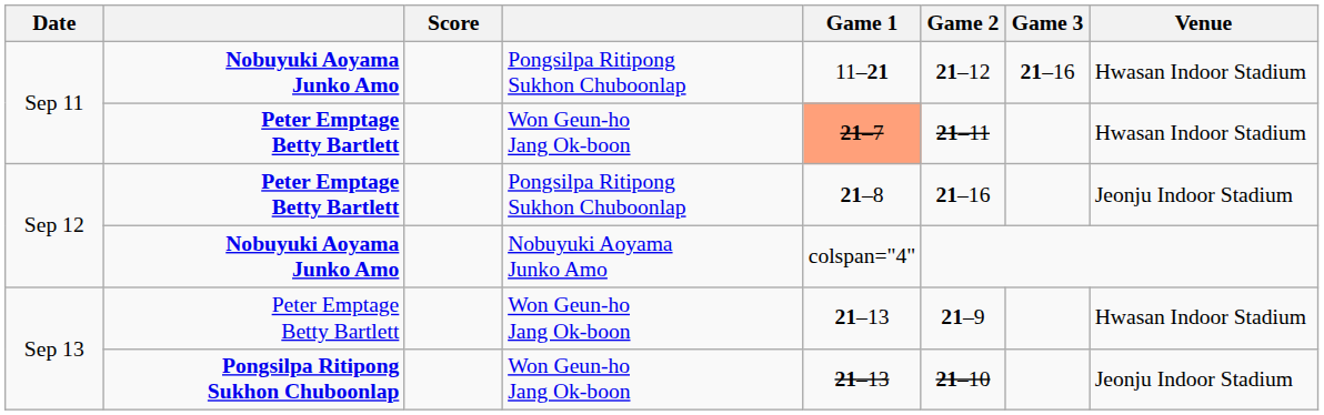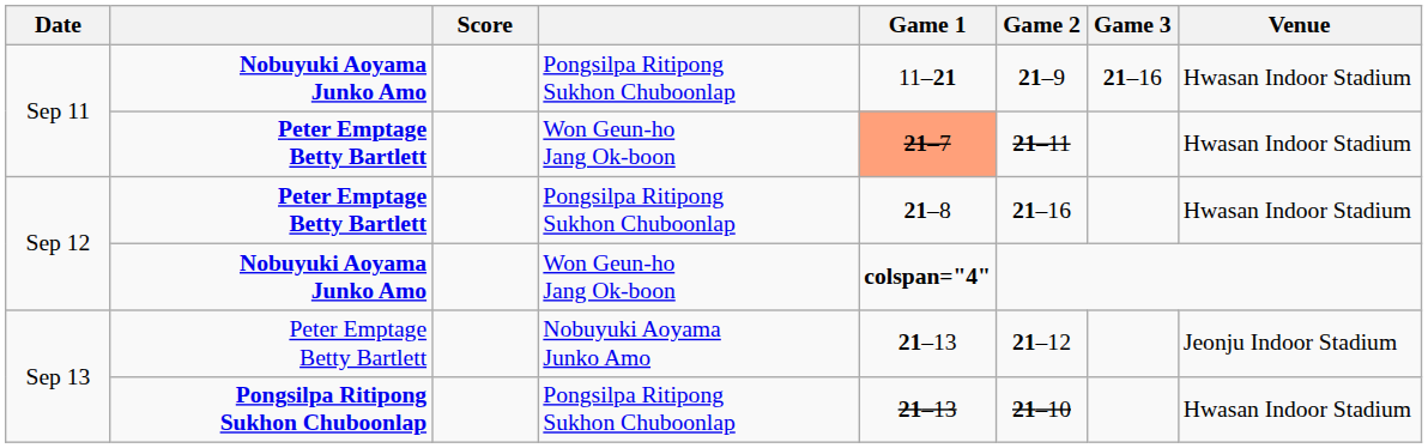 <table class="wikitable" style="text-align: center; font-size:90% ">
 <tr>
 <th width="60">Date</th>
 <th align="right" width="200"></th>
 <th width="60">Score</th>
 <th align="left" width="200"></th>
 <th width="50">Game 1</th>
 <th width="50">Game 2</th>
 <th width="50">Game 3</th>
 <th width="150">Venue</th>
 </tr>
 <tr>
 <td rowspan="2">Sep 11</td>
 <td align="right"><strong><a href='#'>Nobuyuki Aoyama</a> <br><a href='#'>Junko Amo</a> </strong></td>
 <td align="center"></td>
 <td align="left"> <a href='#'>Pongsilpa Ritipong</a><br> <a href='#'>Sukhon Chuboonlap</a></td>
 <td>11–<strong>21</strong></td>
-<td><strong>21</strong>–12</td>
+<td><strong>21</strong>–9</td>
 <td><strong>21</strong>–16</td>
 <td align="left">Hwasan Indoor Stadium</td>
 </tr>
 <tr>
 <td align="right"><strong><a href='#'>Peter Emptage</a> <br><a href='#'>Betty Bartlett</a> </strong></td>
 <td align="center"><s></s></td>
 <td align="left"> <a href='#'>Won Geun-ho</a><br> <a href='#'>Jang Ok-boon</a></td>
 <td style="background: lightsalmon;"><s><strong>21</strong>–7</s></td>
 <td><s><strong>21</strong>–11</s></td>
 <td></td>
 <td align="left">Hwasan Indoor Stadium</td>
 </tr>
 <tr>
 <td rowspan="2">Sep 12</td>
 <td align="right"><strong><a href='#'>Peter Emptage</a> <br><a href='#'>Betty Bartlett</a> </strong></td>
 <td align="center"></td>
 <td align="left"> <a href='#'>Pongsilpa Ritipong</a><br> <a href='#'>Sukhon Chuboonlap</a></td>
 <td><strong>21</strong>–8</td>
 <td><strong>21</strong>–16</td>
 <td></td>
-<td align="left">Jeonju Indoor Stadium</td>
+<td align="left">Hwasan Indoor Stadium</td>
 </tr>
 <tr>
 <td align="right"><strong><a href='#'>Nobuyuki Aoyama</a> <br><a href='#'>Junko Amo</a> </strong></td>
 <td align="center"></td>
-<td align="left"> <a href='#'>Nobuyuki Aoyama</a><br> <a href='#'>Junko Amo</a></td>
-<td>colspan="4" </td>
+<td align="left"> <a href='#'>Won Geun-ho</a><br> <a href='#'>Jang Ok-boon</a></td>
+<td><strong>colspan="4" </strong></td>
 </tr>
 <tr>
 <td rowspan="2">Sep 13</td>
 <td align="right"><a href='#'>Peter Emptage</a> <br><a href='#'>Betty Bartlett</a> </td>
 <td align="center"></td>
-<td align="left"> <a href='#'>Won Geun-ho</a><br> <a href='#'>Jang Ok-boon</a></td>
+<td align="left"> <a href='#'>Nobuyuki Aoyama</a><br> <a href='#'>Junko Amo</a></td>
 <td><strong>21</strong>–13</td>
-<td><strong>21</strong>–9</td>
+<td><strong>21</strong>–12</td>
 <td></td>
-<td align="left">Hwasan Indoor Stadium</td>
+<td align="left">Jeonju Indoor Stadium</td>
 </tr>
 <tr>
 <td align="right"><strong><a href='#'>Pongsilpa Ritipong</a> <br><a href='#'>Sukhon Chuboonlap</a> </strong></td>
 <td align="center"></td>
-<td align="left"> <a href='#'>Won Geun-ho</a><br> <a href='#'>Jang Ok-boon</a></td>
+<td align="left"> <a href='#'>Pongsilpa Ritipong</a><br> <a href='#'>Sukhon Chuboonlap</a></td>
 <td><s><strong>21</strong>–13</s></td>
 <td><s><strong>21</strong>–10</s></td>
 <td></td>
-<td align="left">Jeonju Indoor Stadium</td>
+<td align="left">Hwasan Indoor Stadium</td>
 </tr>
 </table>
